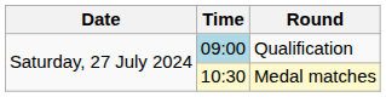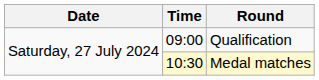 <table class="wikitable">
 <tr>
 <th>Date</th>
 <th>Time</th>
 <th>Round</th>
 </tr>
 <tr>
 <td rowspan="2">Saturday, 27 July 2024</td>
-<td style="background: lightblue;">09:00</td>
+<td>09:00</td>
 <td>Qualification</td>
 </tr>
 <tr style=background:lemonchiffon>
 <td>10:30</td>
 <td>Medal matches</td>
 </tr>
 </table>
